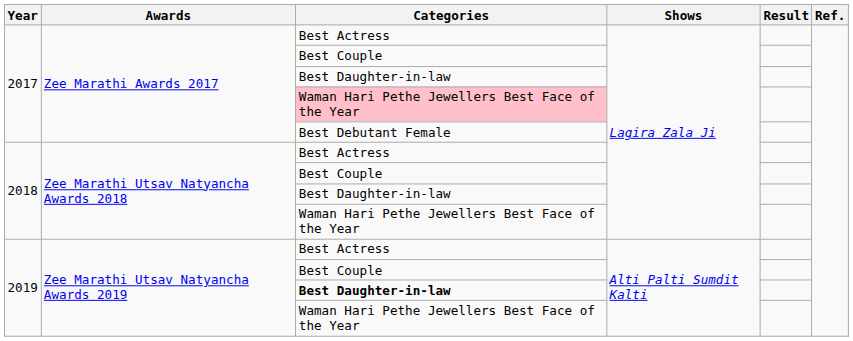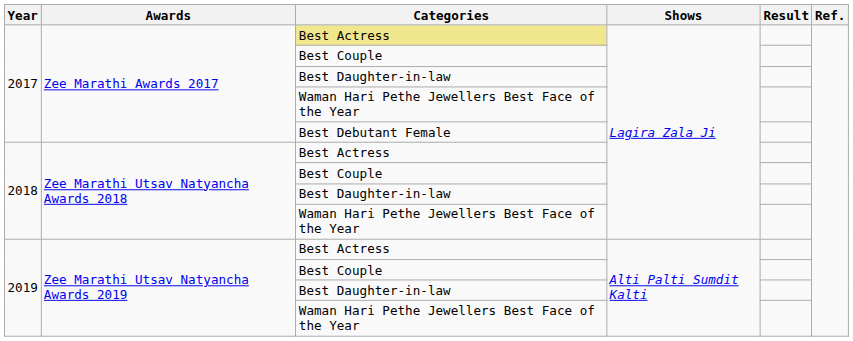 <table class="wikitable">
 <tr>
 <th>Year</th>
 <th>Awards</th>
 <th>Categories</th>
 <th>Shows</th>
 <th>Result</th>
 <th>Ref.</th>
 </tr>
 <tr>
 <td rowspan="5">2017</td>
 <td rowspan="5"><a href='#'>Zee Marathi Awards 2017</a></td>
-<td>Best Actress</td>
+<td style="background: khaki;">Best Actress</td>
 <td rowspan="9"><em><a href='#'>Lagira Zala Ji</a></em></td>
 <td></td>
 <td rowspan="13"></td>
 </tr>
 <tr>
 <td>Best Couple</td>
 <td></td>
 </tr>
 <tr>
 <td>Best Daughter-in-law</td>
 <td></td>
 </tr>
 <tr>
-<td style="background: pink;">Waman Hari Pethe Jewellers Best Face of the Year</td>
+<td>Waman Hari Pethe Jewellers Best Face of the Year</td>
 <td></td>
 </tr>
 <tr>
 <td>Best Debutant Female</td>
 <td></td>
 </tr>
 <tr>
 <td rowspan="4">2018</td>
 <td rowspan="4"><a href='#'>Zee Marathi Utsav Natyancha Awards 2018</a></td>
 <td>Best Actress</td>
 <td></td>
 </tr>
 <tr>
 <td>Best Couple</td>
 <td></td>
 </tr>
 <tr>
 <td>Best Daughter-in-law</td>
 <td></td>
 </tr>
 <tr>
 <td>Waman Hari Pethe Jewellers Best Face of the Year</td>
 <td></td>
 </tr>
 <tr>
 <td rowspan="4">2019</td>
 <td rowspan="4"><a href='#'>Zee Marathi Utsav Natyancha Awards 2019</a></td>
 <td>Best Actress</td>
 <td rowspan="4"><em><a href='#'>Alti Palti Sumdit Kalti</a></em></td>
 <td></td>
 </tr>
 <tr>
 <td>Best Couple</td>
 <td></td>
 </tr>
 <tr>
-<td><strong>Best Daughter-in-law</strong></td>
+<td>Best Daughter-in-law</td>
 <td></td>
 </tr>
 <tr>
 <td>Waman Hari Pethe Jewellers Best Face of the Year</td>
 <td></td>
 </tr>
 </table>
